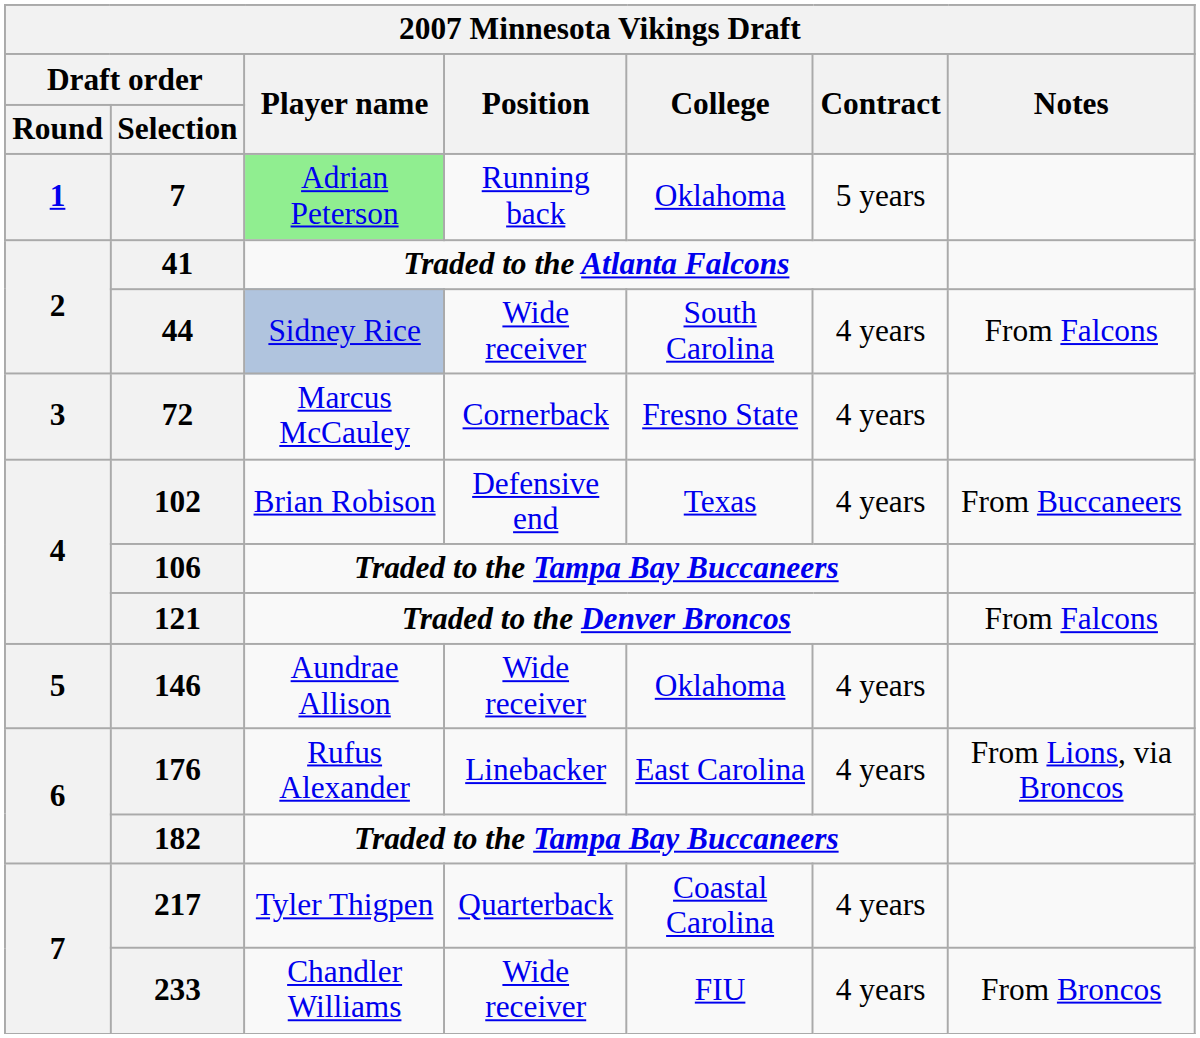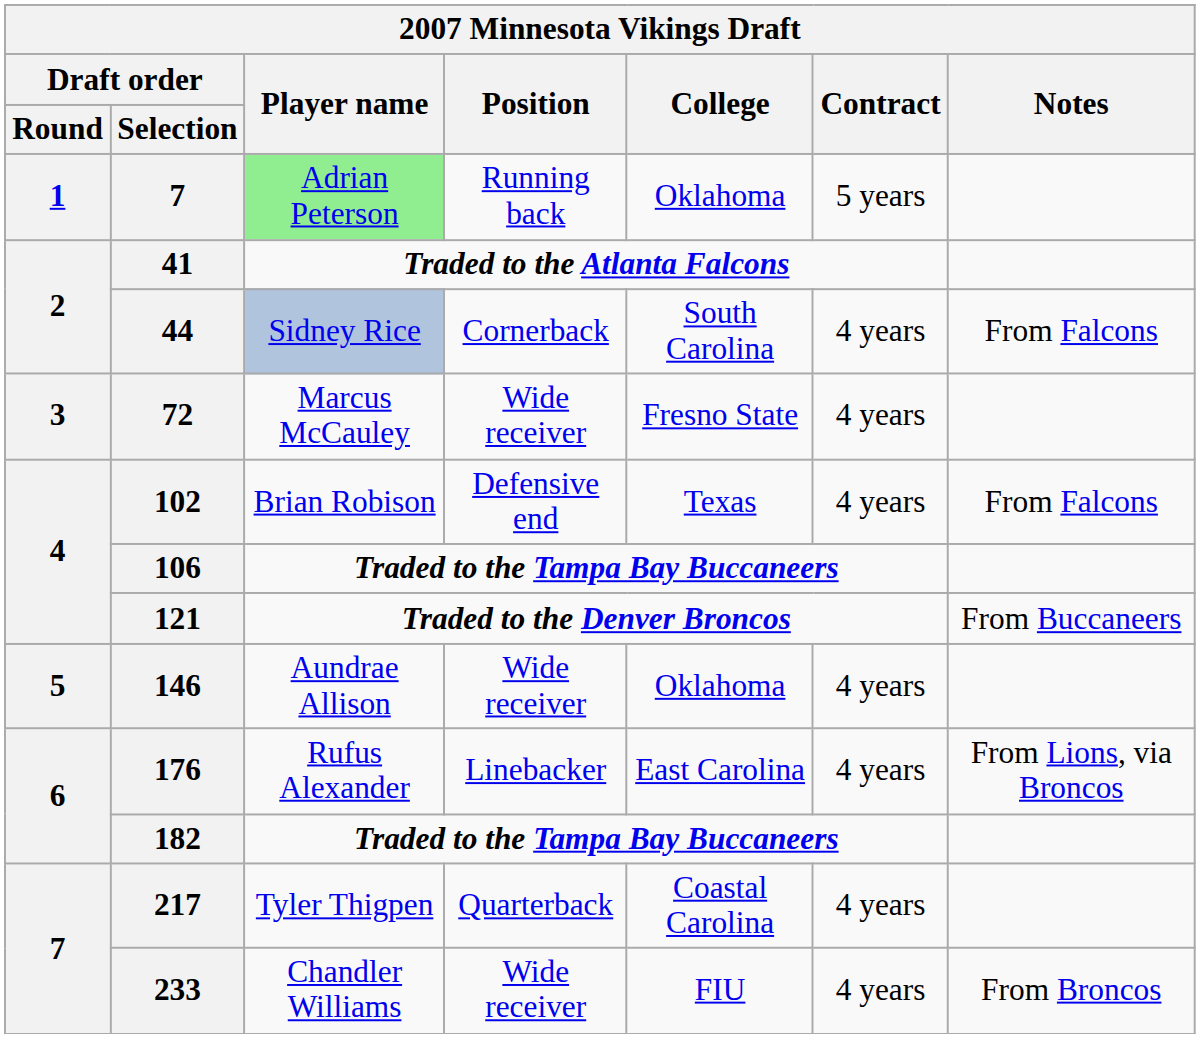 <table class="wikitable" style="text-align:center">
 <tr>
 <th colspan="7">2007 Minnesota Vikings Draft</th>
 </tr>
 <tr>
 <th colspan="2">Draft order</th>
 <th rowspan="2">Player name</th>
 <th rowspan="2">Position</th>
 <th rowspan="2">College</th>
 <th rowspan="2">Contract</th>
 <th rowspan="2">Notes</th>
 </tr>
 <tr>
 <th>Round</th>
 <th>Selection</th>
 </tr>
 <tr>
 <th><a href='#'>1</a></th>
 <th>7</th>
 <td bgcolor=lightgreen><a href='#'>Adrian Peterson</a></td>
 <td><a href='#'>Running back</a></td>
 <td><a href='#'>Oklahoma</a></td>
 <td>5 years</td>
 <td></td>
 </tr>
 <tr>
 <th rowspan="2">2</th>
 <th>41</th>
 <td colspan="4"><strong><em>Traded to the <a href='#'>Atlanta Falcons</a></em></strong></td>
 <td></td>
 </tr>
 <tr>
 <th>44</th>
 <td bgcolor=lightsteelblue><a href='#'>Sidney Rice</a></td>
-<td><a href='#'>Wide receiver</a></td>
+<td><a href='#'>Cornerback</a></td>
 <td><a href='#'>South Carolina</a></td>
 <td>4 years</td>
 <td>From <a href='#'>Falcons</a></td>
 </tr>
 <tr>
 <th>3</th>
 <th>72</th>
 <td><a href='#'>Marcus McCauley</a></td>
-<td><a href='#'>Cornerback</a></td>
+<td><a href='#'>Wide receiver</a></td>
 <td><a href='#'>Fresno State</a></td>
 <td>4 years</td>
 <td></td>
 </tr>
 <tr>
 <th rowspan="3">4</th>
 <th>102</th>
 <td><a href='#'>Brian Robison</a></td>
 <td><a href='#'>Defensive end</a></td>
 <td><a href='#'>Texas</a></td>
 <td>4 years</td>
-<td>From <a href='#'>Buccaneers</a></td>
+<td>From <a href='#'>Falcons</a></td>
 </tr>
 <tr>
 <th>106</th>
 <td colspan="4"><strong><em>Traded to the <a href='#'>Tampa Bay Buccaneers</a></em></strong></td>
 <td></td>
 </tr>
 <tr>
 <th>121</th>
 <td colspan="4"><strong><em>Traded to the <a href='#'>Denver Broncos</a></em></strong></td>
-<td>From <a href='#'>Falcons</a></td>
+<td>From <a href='#'>Buccaneers</a></td>
 </tr>
 <tr>
 <th>5</th>
 <th>146</th>
 <td><a href='#'>Aundrae Allison</a></td>
 <td><a href='#'>Wide receiver</a></td>
 <td><a href='#'>Oklahoma</a></td>
 <td>4 years</td>
 <td></td>
 </tr>
 <tr>
 <th rowspan="2">6</th>
 <th>176</th>
 <td><a href='#'>Rufus Alexander</a></td>
 <td><a href='#'>Linebacker</a></td>
 <td><a href='#'>East Carolina</a></td>
 <td>4 years</td>
 <td>From <a href='#'>Lions</a>, via <a href='#'>Broncos</a></td>
 </tr>
 <tr>
 <th>182</th>
 <td colspan="4"><strong><em>Traded to the <a href='#'>Tampa Bay Buccaneers</a></em></strong></td>
 <td></td>
 </tr>
 <tr>
 <th rowspan="2">7</th>
 <th>217</th>
 <td><a href='#'>Tyler Thigpen</a></td>
 <td><a href='#'>Quarterback</a></td>
 <td><a href='#'>Coastal Carolina</a></td>
 <td>4 years</td>
 <td></td>
 </tr>
 <tr>
 <th>233</th>
 <td><a href='#'>Chandler Williams</a></td>
 <td><a href='#'>Wide receiver</a></td>
 <td><a href='#'>FIU</a></td>
 <td>4 years</td>
 <td>From <a href='#'>Broncos</a></td>
 </tr>
 </table>
